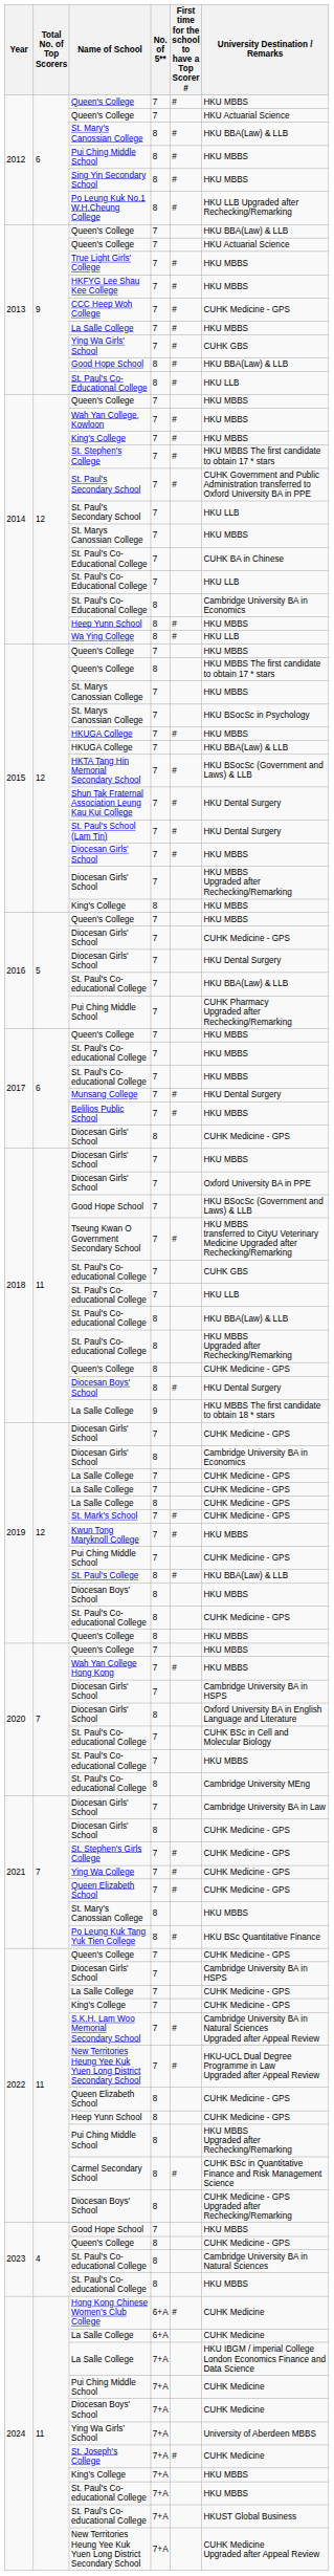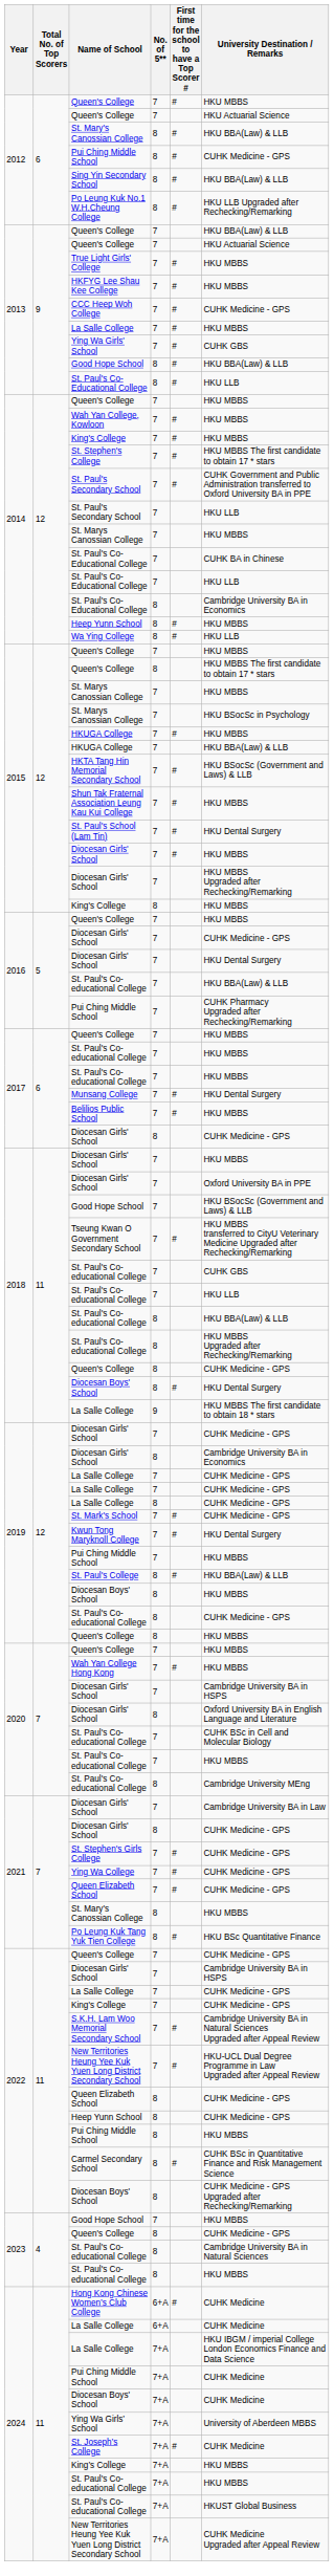 <table class="wikitable">
 <tr>
 <th width=10%>Year</th>
 <th width=5%>Total No. of Top Scorers</th>
 <th width=30%>Name of School</th>
 <th width=5%>No. of 5**</th>
 <th width=5%>First time for the school to have a Top Scorer #</th>
 <th width=45%>University Destination / Remarks</th>
 </tr>
 <tr>
 <td rowspan="6">2012</td>
 <td rowspan="6">6</td>
 <td><a href='#'>Queen's College</a></td>
 <td>7</td>
 <td>#</td>
 <td>HKU MBBS </td>
 </tr>
 <tr>
 <td>Queen's College</td>
 <td>7</td>
 <td></td>
 <td>HKU Actuarial Science </td>
 </tr>
 <tr>
 <td><a href='#'>St. Mary's Canossian College</a></td>
 <td>8</td>
 <td>#</td>
 <td>HKU BBA(Law) & LLB </td>
 </tr>
 <tr>
 <td><a href='#'>Pui Ching Middle School</a></td>
 <td>8</td>
 <td>#</td>
-<td>HKU MBBS </td>
+<td>CUHK Medicine - GPS </td>
 </tr>
 <tr>
 <td><a href='#'>Sing Yin Secondary School</a></td>
 <td>8</td>
 <td>#</td>
-<td>HKU MBBS </td>
+<td>HKU BBA(Law) & LLB </td>
 </tr>
 <tr>
 <td><a href='#'>Po Leung Kuk No.1 W.H.Cheung College</a></td>
 <td>8</td>
 <td>#</td>
 <td>HKU LLB  Upgraded after Rechecking/Remarking </td>
 </tr>
 <tr>
 <td rowspan="9">2013</td>
 <td rowspan="9">9</td>
 <td>Queen's College</td>
 <td>7</td>
 <td></td>
 <td>HKU BBA(Law) & LLB </td>
 </tr>
 <tr>
 <td>Queen's College</td>
 <td>7</td>
 <td></td>
 <td>HKU Actuarial Science </td>
 </tr>
 <tr>
 <td><a href='#'>True Light Girls' College</a></td>
 <td>7</td>
 <td>#</td>
 <td>HKU MBBS </td>
 </tr>
 <tr>
 <td><a href='#'>HKFYG Lee Shau Kee College</a></td>
 <td>7</td>
 <td>#</td>
 <td>HKU MBBS </td>
 </tr>
 <tr>
 <td><a href='#'>CCC Heep Woh College</a></td>
 <td>7</td>
 <td>#</td>
 <td>CUHK Medicine - GPS </td>
 </tr>
 <tr>
 <td><a href='#'>La Salle College</a></td>
 <td>7</td>
 <td>#</td>
 <td>HKU MBBS </td>
 </tr>
 <tr>
 <td><a href='#'>Ying Wa Girls' School</a></td>
 <td>7</td>
 <td>#</td>
 <td>CUHK GBS </td>
 </tr>
 <tr>
 <td><a href='#'>Good Hope School</a></td>
 <td>8</td>
 <td>#</td>
 <td>HKU BBA(Law) & LLB </td>
 </tr>
 <tr>
 <td><a href='#'>St. Paul's Co-Educational College</a></td>
 <td>8</td>
 <td>#</td>
 <td>HKU LLB  </td>
 </tr>
 <tr>
 <td rowspan="12">2014</td>
 <td rowspan="12">12</td>
 <td>Queen's College</td>
 <td>7</td>
 <td></td>
 <td>HKU MBBS </td>
 </tr>
 <tr>
 <td><a href='#'>Wah Yan College, Kowloon</a></td>
 <td>7</td>
 <td>#</td>
 <td>HKU MBBS </td>
 </tr>
 <tr>
 <td><a href='#'>King's College</a></td>
 <td>7</td>
 <td>#</td>
 <td>HKU MBBS </td>
 </tr>
 <tr>
 <td><a href='#'>St. Stephen's College</a></td>
 <td>7</td>
 <td>#</td>
 <td>HKU MBBS   The first candidate to obtain 17 * stars </td>
 </tr>
 <tr>
 <td><a href='#'>St. Paul's Secondary School</a></td>
 <td>7</td>
 <td>#</td>
 <td>CUHK Government and Public Administration  transferred to Oxford University BA in PPE </td>
 </tr>
 <tr>
 <td>St. Paul's Secondary School</td>
 <td>7</td>
 <td></td>
 <td>HKU LLB </td>
 </tr>
 <tr>
 <td>St. Marys Canossian College</td>
 <td>7</td>
 <td></td>
 <td>HKU MBBS </td>
 </tr>
 <tr>
 <td>St. Paul's Co-Educational College</td>
 <td>7</td>
 <td></td>
 <td>CUHK BA in Chinese </td>
 </tr>
 <tr>
 <td>St. Paul's Co-Educational College</td>
 <td>7</td>
 <td></td>
 <td>HKU LLB </td>
 </tr>
 <tr>
 <td>St. Paul's Co-Educational College</td>
 <td>8</td>
 <td></td>
 <td>Cambridge University BA in Economics </td>
 </tr>
 <tr>
 <td><a href='#'>Heep Yunn School</a></td>
 <td>8</td>
 <td>#</td>
 <td>HKU MBBS </td>
 </tr>
 <tr>
 <td><a href='#'>Wa Ying College</a></td>
 <td>8</td>
 <td>#</td>
 <td>HKU LLB  </td>
 </tr>
 <tr>
 <td rowspan="12">2015</td>
 <td rowspan="12">12</td>
 <td>Queen's College</td>
 <td>7</td>
 <td></td>
 <td>HKU MBBS  </td>
 </tr>
 <tr>
 <td>Queen's College</td>
 <td>8</td>
 <td></td>
 <td>HKU MBBS   The first candidate to obtain 17 * stars </td>
 </tr>
 <tr>
 <td>St. Marys Canossian College</td>
 <td>7</td>
 <td></td>
 <td>HKU MBBS </td>
 </tr>
 <tr>
 <td>St. Marys Canossian College</td>
 <td>7</td>
 <td></td>
 <td>HKU BSocSc in Psychology </td>
 </tr>
 <tr>
 <td><a href='#'>HKUGA College</a></td>
 <td>7</td>
 <td>#</td>
 <td>HKU MBBS </td>
 </tr>
 <tr>
 <td>HKUGA College</td>
 <td>7</td>
 <td></td>
 <td>HKU BBA(Law) & LLB </td>
 </tr>
 <tr>
 <td><a href='#'>HKTA Tang Hin Memorial Secondary School</a></td>
 <td>7</td>
 <td>#</td>
 <td>HKU BSocSc (Government and Laws) & LLB </td>
 </tr>
 <tr>
 <td><a href='#'>Shun Tak Fraternal Association Leung Kau Kui College</a></td>
 <td>7</td>
 <td>#</td>
-<td>HKU Dental Surgery </td>
+<td>HKU MBBS </td>
 </tr>
 <tr>
 <td><a href='#'>St. Paul's School (Lam Tin)</a></td>
 <td>7</td>
 <td>#</td>
 <td>HKU Dental Surgery </td>
 </tr>
 <tr>
 <td><a href='#'>Diocesan Girls' School</a></td>
 <td>7</td>
 <td>#</td>
 <td>HKU MBBS </td>
 </tr>
 <tr>
 <td>Diocesan Girls' School</td>
 <td>7</td>
 <td></td>
 <td>HKU MBBS  <br>Upgraded after Rechecking/Remarking</td>
 </tr>
 <tr>
 <td>King's College</td>
 <td>8</td>
 <td></td>
 <td>HKU MBBS </td>
 </tr>
 <tr>
 <td rowspan="5">2016</td>
 <td rowspan="5">5</td>
 <td>Queen's College</td>
 <td>7</td>
 <td></td>
 <td>HKU MBBS  </td>
 </tr>
 <tr>
 <td>Diocesan Girls' School</td>
 <td>7</td>
 <td></td>
 <td>CUHK Medicine - GPS  </td>
 </tr>
 <tr>
 <td>Diocesan Girls' School</td>
 <td>7</td>
 <td></td>
 <td>HKU Dental Surgery </td>
 </tr>
 <tr>
 <td>St. Paul's Co-educational College</td>
 <td>7</td>
 <td></td>
 <td>HKU BBA(Law) & LLB </td>
 </tr>
 <tr>
 <td>Pui Ching Middle School</td>
 <td>7</td>
 <td></td>
 <td>CUHK Pharmacy<br>Upgraded after Rechecking/Remarking </td>
 </tr>
 <tr>
 <td rowspan="6">2017</td>
 <td rowspan="6">6</td>
 <td>Queen's College</td>
 <td>7</td>
 <td></td>
 <td>HKU MBBS </td>
 </tr>
 <tr>
 <td>St. Paul's Co-educational College</td>
 <td>7</td>
 <td></td>
 <td>HKU MBBS </td>
 </tr>
 <tr>
 <td>St. Paul's Co-educational College</td>
 <td>7</td>
 <td></td>
 <td>HKU MBBS </td>
 </tr>
 <tr>
 <td><a href='#'>Munsang College</a></td>
 <td>7</td>
 <td>#</td>
 <td>HKU Dental Surgery </td>
 </tr>
 <tr>
 <td><a href='#'>Belilios Public School</a></td>
 <td>7</td>
 <td>#</td>
 <td>HKU MBBS </td>
 </tr>
 <tr>
 <td>Diocesan Girls' School</td>
 <td>8</td>
 <td></td>
 <td>CUHK Medicine - GPS  </td>
 </tr>
 <tr>
 <td rowspan="11">2018</td>
 <td rowspan="11">11</td>
 <td>Diocesan Girls' School</td>
 <td>7</td>
 <td></td>
 <td>HKU MBBS </td>
 </tr>
 <tr>
 <td>Diocesan Girls' School</td>
 <td>7</td>
 <td></td>
 <td>Oxford University BA in PPE </td>
 </tr>
 <tr>
 <td>Good Hope School</td>
 <td>7</td>
 <td></td>
 <td>HKU BSocSc (Government and Laws) & LLB </td>
 </tr>
 <tr>
 <td>Tseung Kwan O Government Secondary School</td>
 <td>7</td>
 <td>#</td>
 <td>HKU MBBS<br>transferred to CityU Veterinary Medicine  Upgraded after Rechecking/Remarking </td>
 </tr>
 <tr>
 <td>St. Paul's Co-educational College</td>
 <td>7</td>
 <td></td>
 <td>CUHK GBS</td>
 </tr>
 <tr>
 <td>St. Paul's Co-educational College</td>
 <td>7</td>
 <td></td>
 <td>HKU LLB </td>
 </tr>
 <tr>
 <td>St. Paul's Co-educational College</td>
 <td>8</td>
 <td></td>
 <td>HKU BBA(Law) & LLB  </td>
 </tr>
 <tr>
 <td>St. Paul's Co-educational College</td>
 <td>8</td>
 <td></td>
 <td>HKU MBBS<br>Upgraded after Rechecking/Remarking </td>
 </tr>
 <tr>
 <td>Queen's College</td>
 <td>8</td>
 <td></td>
 <td>CUHK Medicine - GPS </td>
 </tr>
 <tr>
 <td><a href='#'>Diocesan Boys' School</a></td>
 <td>8</td>
 <td>#</td>
 <td>HKU Dental Surgery </td>
 </tr>
 <tr>
 <td>La Salle College</td>
 <td>9</td>
 <td></td>
 <td>HKU MBBS   The first candidate to obtain 18 * stars  </td>
 </tr>
 <tr>
 <td rowspan="12">2019</td>
 <td rowspan="12">12</td>
 <td>Diocesan Girls' School</td>
 <td>7</td>
 <td></td>
 <td>CUHK Medicine - GPS </td>
 </tr>
 <tr>
 <td>Diocesan Girls' School</td>
 <td>8</td>
 <td></td>
 <td>Cambridge University BA in Economics  </td>
 </tr>
 <tr>
 <td>La Salle College</td>
 <td>7</td>
 <td></td>
 <td>CUHK Medicine - GPS </td>
 </tr>
 <tr>
 <td>La Salle College</td>
 <td>7</td>
 <td></td>
 <td>CUHK Medicine - GPS </td>
 </tr>
 <tr>
 <td>La Salle College</td>
 <td>8</td>
 <td></td>
 <td>CUHK Medicine - GPS </td>
 </tr>
 <tr>
 <td><a href='#'>St. Mark's School</a></td>
 <td>7</td>
 <td>#</td>
 <td>CUHK Medicine - GPS </td>
 </tr>
 <tr>
 <td><a href='#'>Kwun Tong Maryknoll College</a></td>
 <td>7</td>
 <td>#</td>
-<td>HKU MBBS </td>
+<td>HKU Dental Surgery </td>
 </tr>
 <tr>
 <td>Pui Ching Middle School</td>
 <td>7</td>
 <td></td>
-<td>CUHK Medicine - GPS </td>
+<td>HKU MBBS </td>
 </tr>
 <tr>
 <td><a href='#'>St. Paul's College</a></td>
 <td>8</td>
 <td>#</td>
 <td>HKU BBA(Law) & LLB </td>
 </tr>
 <tr>
 <td>Diocesan Boys' School</td>
 <td>8</td>
 <td></td>
 <td>HKU MBBS </td>
 </tr>
 <tr>
 <td>St. Paul's Co-educational College</td>
 <td>8</td>
 <td></td>
 <td>CUHK Medicine - GPS </td>
 </tr>
 <tr>
 <td>Queen's College</td>
 <td>8</td>
 <td></td>
 <td>HKU MBBS </td>
 </tr>
 <tr>
 <td rowspan="7">2020</td>
 <td rowspan="7">7</td>
 <td>Queen's College</td>
 <td>7</td>
 <td></td>
 <td>HKU MBBS </td>
 </tr>
 <tr>
 <td><a href='#'>Wah Yan College Hong Kong</a></td>
 <td>7</td>
 <td>#</td>
 <td>HKU MBBS </td>
 </tr>
 <tr>
 <td>Diocesan Girls' School</td>
 <td>7</td>
 <td></td>
 <td>Cambridge University BA in HSPS </td>
 </tr>
 <tr>
 <td>Diocesan Girls' School</td>
 <td>8</td>
 <td></td>
 <td>Oxford University BA in English Language and Literature </td>
 </tr>
 <tr>
 <td>St. Paul's Co-educational College</td>
 <td>7</td>
 <td></td>
 <td>CUHK BSc in Cell and Molecular Biology </td>
 </tr>
 <tr>
 <td>St. Paul's Co-educational College</td>
 <td>7</td>
 <td></td>
 <td>HKU MBBS </td>
 </tr>
 <tr>
 <td>St. Paul's Co-educational College</td>
 <td>8</td>
 <td></td>
 <td>Cambridge University MEng </td>
 </tr>
 <tr>
 <td rowspan="7">2021</td>
 <td rowspan="7">7</td>
 <td>Diocesan Girls' School</td>
 <td>7</td>
 <td></td>
 <td>Cambridge University BA in Law </td>
 </tr>
 <tr>
 <td>Diocesan Girls' School</td>
 <td>8</td>
 <td></td>
 <td>CUHK Medicine - GPS </td>
 </tr>
 <tr>
 <td><a href='#'>St. Stephen's Girls College</a></td>
 <td>7</td>
 <td>#</td>
 <td>CUHK Medicine - GPS </td>
 </tr>
 <tr>
 <td><a href='#'>Ying Wa College</a></td>
 <td>7</td>
 <td>#</td>
 <td>CUHK Medicine - GPS </td>
 </tr>
 <tr>
 <td><a href='#'>Queen Elizabeth School</a></td>
 <td>7</td>
 <td>#</td>
 <td>CUHK Medicine - GPS </td>
 </tr>
 <tr>
 <td>St. Mary's Canossian College</td>
 <td>8</td>
 <td></td>
 <td>HKU MBBS </td>
 </tr>
 <tr>
 <td><a href='#'>Po Leung Kuk Tang Yuk Tien College</a></td>
 <td>8</td>
 <td>#</td>
 <td>HKU BSc Quantitative Finance </td>
 </tr>
 <tr>
 <td rowspan="11">2022</td>
 <td rowspan="11">11</td>
 <td>Queen's College</td>
 <td>7</td>
 <td></td>
 <td>CUHK Medicine - GPS </td>
 </tr>
 <tr>
 <td>Diocesan Girls' School</td>
 <td>7</td>
 <td></td>
 <td>Cambridge University BA in HSPS </td>
 </tr>
 <tr>
 <td>La Salle College</td>
 <td>7</td>
 <td></td>
 <td>CUHK Medicine - GPS </td>
 </tr>
 <tr>
 <td>King's College</td>
 <td>7</td>
 <td></td>
 <td>CUHK Medicine - GPS </td>
 </tr>
 <tr>
 <td><a href='#'>S.K.H. Lam Woo Memorial Secondary School</a></td>
 <td>7</td>
 <td>#</td>
 <td>Cambridge University BA in Natural Sciences<br>Upgraded after Appeal Review </td>
 </tr>
 <tr>
 <td><a href='#'>New Territories Heung Yee Kuk Yuen Long District Secondary School</a></td>
 <td>7</td>
 <td>#</td>
 <td>HKU-UCL Dual Degree Programme in Law<br>Upgraded after Appeal Review </td>
 </tr>
 <tr>
 <td>Queen Elizabeth School</td>
 <td>8</td>
 <td></td>
 <td>CUHK Medicine - GPS </td>
 </tr>
 <tr>
 <td>Heep Yunn School</td>
 <td>8</td>
 <td></td>
 <td>CUHK Medicine - GPS </td>
 </tr>
 <tr>
 <td>Pui Ching Middle School</td>
 <td>8</td>
 <td></td>
-<td>HKU MBBS  <br>Upgraded after Rechecking/Remarking</td>
+<td>HKU MBBS </td>
 </tr>
 <tr>
 <td>Carmel Secondary School</td>
 <td>8</td>
 <td>#</td>
 <td>CUHK BSc in Quantitative Finance and Risk Management Science </td>
 </tr>
 <tr>
 <td>Diocesan Boys' School</td>
 <td>8</td>
 <td></td>
 <td>CUHK Medicine - GPS<br>Upgraded after Rechecking/Remarking </td>
 </tr>
 <tr>
 <td rowspan="4">2023</td>
 <td rowspan="4">4</td>
 <td>Good Hope School</td>
 <td>7</td>
 <td></td>
 <td>HKU MBBS </td>
 </tr>
 <tr>
 <td>Queen's College</td>
 <td>8</td>
 <td></td>
 <td>CUHK Medicine - GPS </td>
 </tr>
 <tr>
 <td>St. Paul's Co-educational College</td>
 <td>8</td>
 <td></td>
 <td>Cambridge University BA in Natural Sciences </td>
 </tr>
 <tr>
 <td>St. Paul's Co-educational College</td>
 <td>8</td>
 <td></td>
 <td>HKU MBBS </td>
 </tr>
 <tr>
 <td rowspan="11">2024</td>
 <td rowspan="11">11</td>
 <td><a href='#'>Hong Kong Chinese Women’s Club College</a></td>
 <td>6+A</td>
 <td>#</td>
 <td>CUHK Medicine </td>
 </tr>
 <tr>
 <td>La Salle College</td>
 <td>6+A</td>
 <td></td>
 <td>CUHK Medicine</td>
 </tr>
 <tr>
 <td>La Salle College</td>
 <td>7+A</td>
 <td></td>
 <td>HKU IBGM / imperial College London Economics Finance and Data Science</td>
 </tr>
 <tr>
 <td>Pui Ching Middle School</td>
 <td>7+A</td>
 <td></td>
 <td>CUHK Medicine </td>
 </tr>
 <tr>
 <td>Diocesan Boys' School</td>
 <td>7+A</td>
 <td></td>
 <td>CUHK Medicine</td>
 </tr>
 <tr>
 <td>Ying Wa Girls’ School</td>
 <td>7+A</td>
 <td></td>
 <td>University of Aberdeen MBBS </td>
 </tr>
 <tr>
 <td><a href='#'>St. Joseph’s College</a></td>
 <td>7+A</td>
 <td>#</td>
 <td>CUHK Medicine </td>
 </tr>
 <tr>
 <td>King’s College</td>
 <td>7+A</td>
 <td></td>
 <td>HKU MBBS</td>
 </tr>
 <tr>
 <td>St. Paul's Co-educational College</td>
 <td>7+A</td>
 <td></td>
 <td>HKU MBBS</td>
 </tr>
 <tr>
 <td>St. Paul's Co-educational College</td>
 <td>7+A</td>
 <td></td>
 <td>HKUST Global Business </td>
 </tr>
 <tr>
 <td>New Territories Heung Yee Kuk Yuen Long District Secondary School</td>
 <td>7+A</td>
 <td></td>
 <td>CUHK Medicine<br>Upgraded after Appeal Review </td>
 </tr>
 </table>
